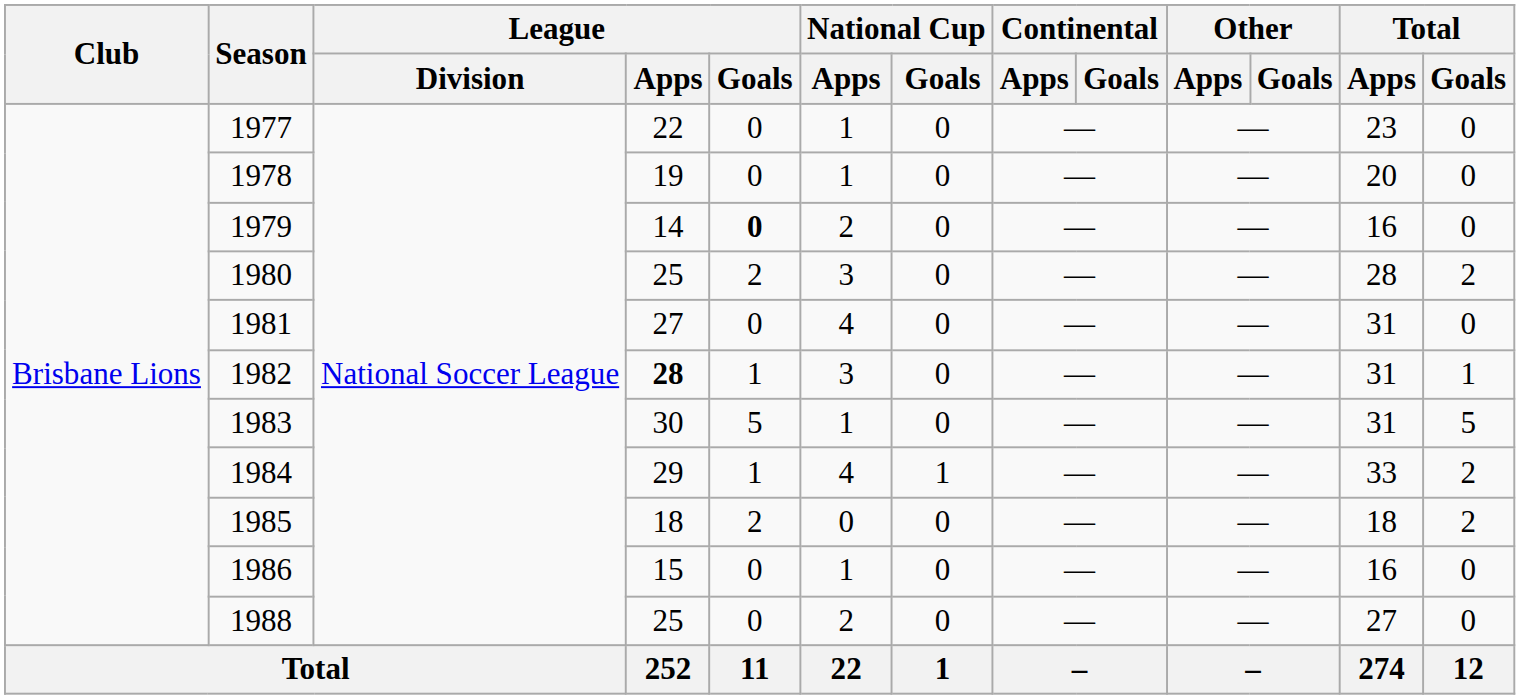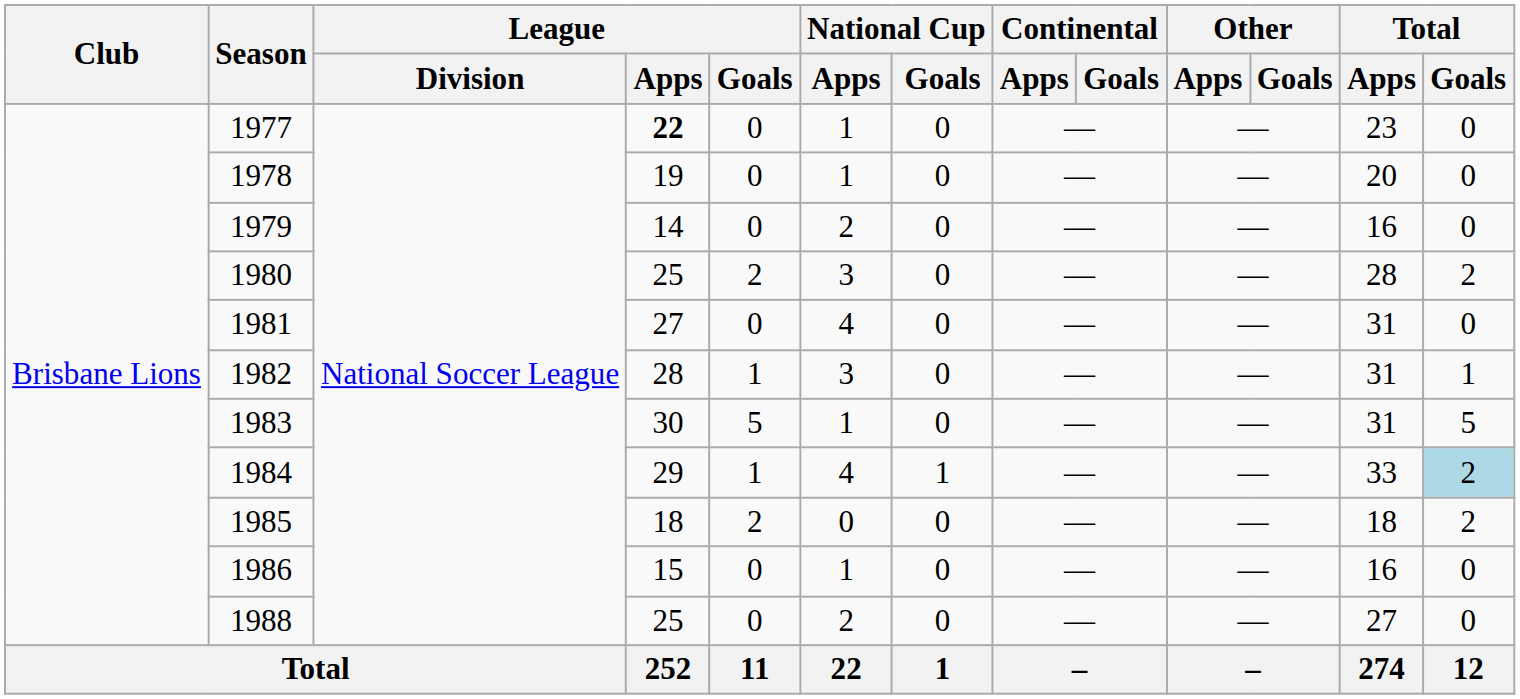 <table class="wikitable" style="text-align:center">
 <tr>
 <th rowspan=2>Club</th>
 <th rowspan=2>Season</th>
 <th colspan=3>League</th>
 <th colspan=2>National Cup</th>
 <th colspan=2>Continental</th>
 <th colspan=2>Other</th>
 <th colspan=2>Total</th>
 </tr>
 <tr>
 <th>Division</th>
 <th>Apps</th>
 <th>Goals</th>
 <th>Apps</th>
 <th>Goals</th>
 <th>Apps</th>
 <th>Goals</th>
 <th>Apps</th>
 <th>Goals</th>
 <th>Apps</th>
 <th>Goals</th>
 </tr>
 <tr>
 <td rowspan="11"><a href='#'>Brisbane Lions</a></td>
 <td>1977</td>
 <td rowspan="11"><a href='#'>National Soccer League</a></td>
-<td>22</td>
+<td><strong>22</strong></td>
 <td>0</td>
 <td>1</td>
 <td>0</td>
 <td colspan="2">—</td>
 <td colspan="2">—</td>
 <td>23</td>
 <td>0</td>
 </tr>
 <tr>
 <td>1978</td>
 <td>19</td>
 <td>0</td>
 <td>1</td>
 <td>0</td>
 <td colspan="2">—</td>
 <td colspan="2">—</td>
 <td>20</td>
 <td>0</td>
 </tr>
 <tr>
 <td>1979</td>
 <td>14</td>
-<td><strong>0</strong></td>
+<td>0</td>
 <td>2</td>
 <td>0</td>
 <td colspan="2">—</td>
 <td colspan="2">—</td>
 <td>16</td>
 <td>0</td>
 </tr>
 <tr>
 <td>1980</td>
 <td>25</td>
 <td>2</td>
 <td>3</td>
 <td>0</td>
 <td colspan="2">—</td>
 <td colspan="2">—</td>
 <td>28</td>
 <td>2</td>
 </tr>
 <tr>
 <td>1981</td>
 <td>27</td>
 <td>0</td>
 <td>4</td>
 <td>0</td>
 <td colspan="2">—</td>
 <td colspan="2">—</td>
 <td>31</td>
 <td>0</td>
 </tr>
 <tr>
 <td>1982</td>
-<td><strong>28</strong></td>
+<td>28</td>
 <td>1</td>
 <td>3</td>
 <td>0</td>
 <td colspan="2">—</td>
 <td colspan="2">—</td>
 <td>31</td>
 <td>1</td>
 </tr>
 <tr>
 <td>1983</td>
 <td>30</td>
 <td>5</td>
 <td>1</td>
 <td>0</td>
 <td colspan="2">—</td>
 <td colspan="2">—</td>
 <td>31</td>
 <td>5</td>
 </tr>
 <tr>
 <td>1984</td>
 <td>29</td>
 <td>1</td>
 <td>4</td>
 <td>1</td>
 <td colspan="2">—</td>
 <td colspan="2">—</td>
 <td>33</td>
-<td>2</td>
+<td style="background: lightblue;">2</td>
 </tr>
 <tr>
 <td>1985</td>
 <td>18</td>
 <td>2</td>
 <td>0</td>
 <td>0</td>
 <td colspan="2">—</td>
 <td colspan="2">—</td>
 <td>18</td>
 <td>2</td>
 </tr>
 <tr>
 <td>1986</td>
 <td>15</td>
 <td>0</td>
 <td>1</td>
 <td>0</td>
 <td colspan="2">—</td>
 <td colspan="2">—</td>
 <td>16</td>
 <td>0</td>
 </tr>
 <tr>
 <td>1988</td>
 <td>25</td>
 <td>0</td>
 <td>2</td>
 <td>0</td>
 <td colspan="2">—</td>
 <td colspan="2">—</td>
 <td>27</td>
 <td>0</td>
 </tr>
 <tr>
 <th colspan="3">Total</th>
 <th>252</th>
 <th>11</th>
 <th>22</th>
 <th>1</th>
 <th colspan="2">–</th>
 <th colspan="2">–</th>
 <th>274</th>
 <th>12</th>
 </tr>
 </table>
